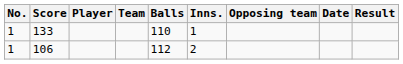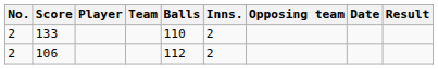 <table class="wikitable sortable" style="font-size:95%">
 <tr>
 <th>No.</th>
 <th>Score</th>
 <th>Player</th>
 <th>Team</th>
 <th>Balls</th>
 <th>Inns.</th>
 <th>Opposing team</th>
 <th>Date</th>
 <th>Result</th>
 </tr>
 <tr>
-<td>1</td>
+<td>2</td>
 <td> 133</td>
 <td></td>
 <td></td>
 <td>110</td>
-<td>1</td>
+<td>2</td>
 <td></td>
 <td></td>
 <td></td>
 </tr>
 <tr>
-<td>1</td>
+<td>2</td>
 <td> 106</td>
 <td></td>
 <td></td>
 <td>112</td>
 <td>2</td>
 <td></td>
 <td></td>
 <td></td>
 </tr>
 </table>
